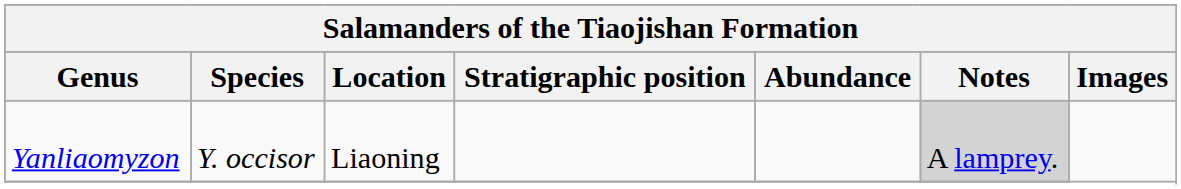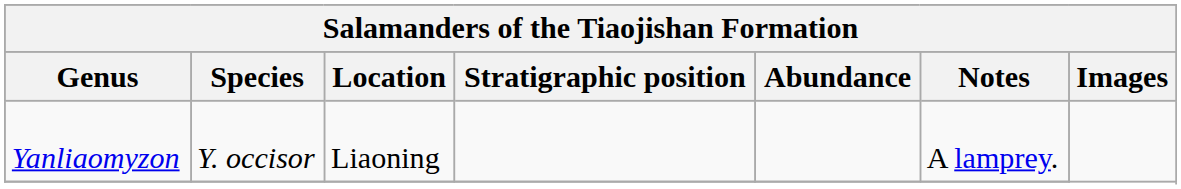 <table class="wikitable" align="center" width="100%">
 <tr>
 <th colspan="7" align="center"><strong>Salamanders of the Tiaojishan Formation</strong></th>
 </tr>
 <tr>
 <th>Genus</th>
 <th>Species</th>
 <th>Location</th>
 <th>Stratigraphic position</th>
 <th>Abundance</th>
 <th>Notes</th>
 <th>Images</th>
 </tr>
 <tr>
 <td><br><em><a href='#'>Yanliaomyzon</a></em></td>
 <td><br><em>Y. occisor</em></td>
 <td><br>Liaoning</td>
 <td></td>
 <td></td>
-<td style="background: lightgrey;"><br>A <a href='#'>lamprey</a>.</td>
+<td><br>A <a href='#'>lamprey</a>.</td>
 <td rowspan="99"><br></td>
 </tr>
 <tr>
 </tr>
 </table>
